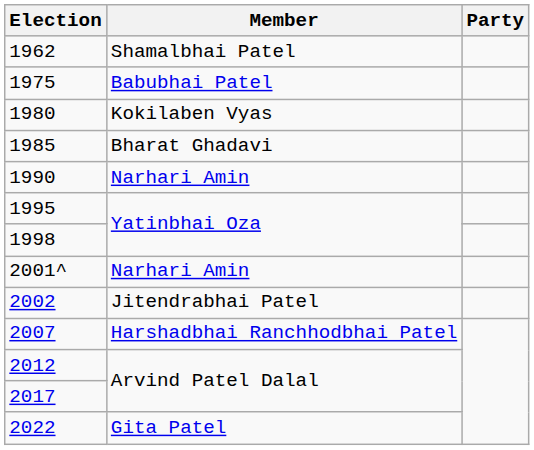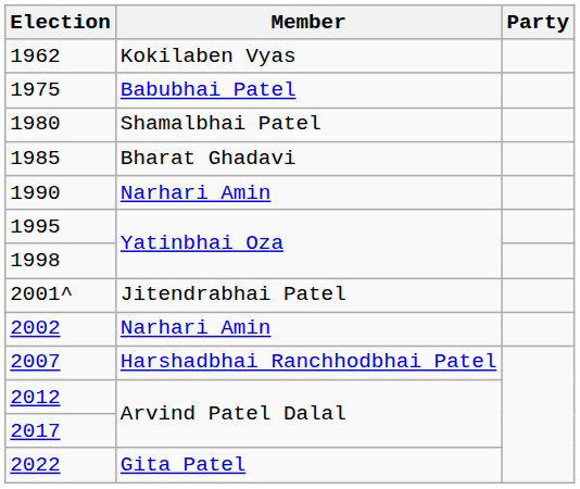 <table class="wikitable sortable">
 <tr>
 <th>Election</th>
 <th>Member</th>
 <th colspan="2">Party</th>
 </tr>
 <tr>
 <td>1962</td>
-<td>Shamalbhai Patel</td>
+<td>Kokilaben Vyas</td>
 <td></td>
 </tr>
 <tr>
 <td>1975</td>
 <td><a href='#'>Babubhai Patel</a></td>
 <td></td>
 </tr>
 <tr>
 <td>1980</td>
-<td>Kokilaben Vyas</td>
+<td>Shamalbhai Patel</td>
 <td></td>
 </tr>
 <tr>
 <td>1985</td>
 <td>Bharat Ghadavi</td>
 <td></td>
 </tr>
 <tr>
 <td>1990</td>
 <td><a href='#'>Narhari Amin</a></td>
 <td></td>
 </tr>
 <tr>
 <td>1995</td>
 <td rowspan=2><a href='#'>Yatinbhai Oza</a></td>
 <td></td>
 </tr>
 <tr>
 <td>1998</td>
 </tr>
 <tr>
 <td>2001^</td>
-<td><a href='#'>Narhari Amin</a></td>
+<td>Jitendrabhai Patel</td>
 <td></td>
 </tr>
 <tr>
 <td><a href='#'>2002</a></td>
-<td>Jitendrabhai Patel</td>
+<td><a href='#'>Narhari Amin</a></td>
 <td></td>
 </tr>
 <tr>
 <td><a href='#'>2007</a></td>
 <td><a href='#'>Harshadbhai Ranchhodbhai Patel</a></td>
 </tr>
 <tr>
 <td><a href='#'>2012</a></td>
 <td rowspan=2>Arvind Patel Dalal</td>
 </tr>
 <tr>
 <td><a href='#'>2017</a></td>
 </tr>
 <tr>
 <td><a href='#'>2022</a></td>
 <td><a href='#'>Gita Patel</a></td>
 </tr>
 </table>
